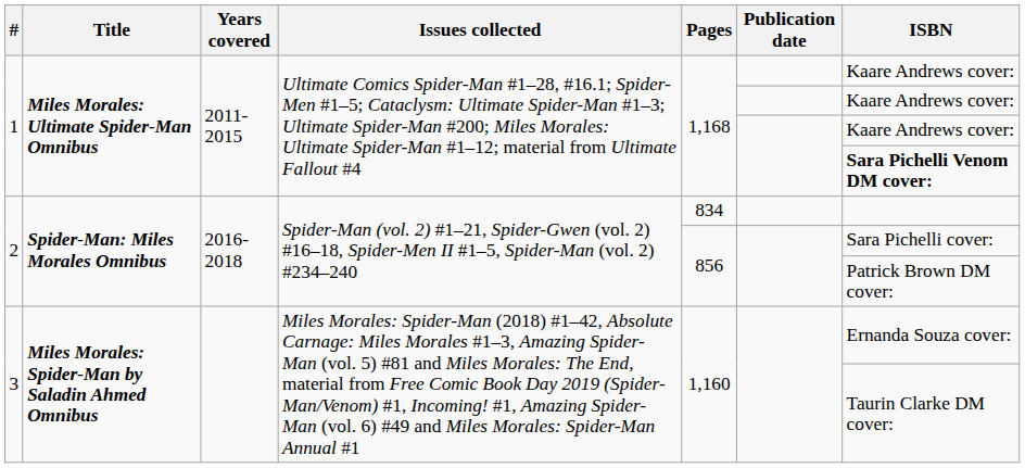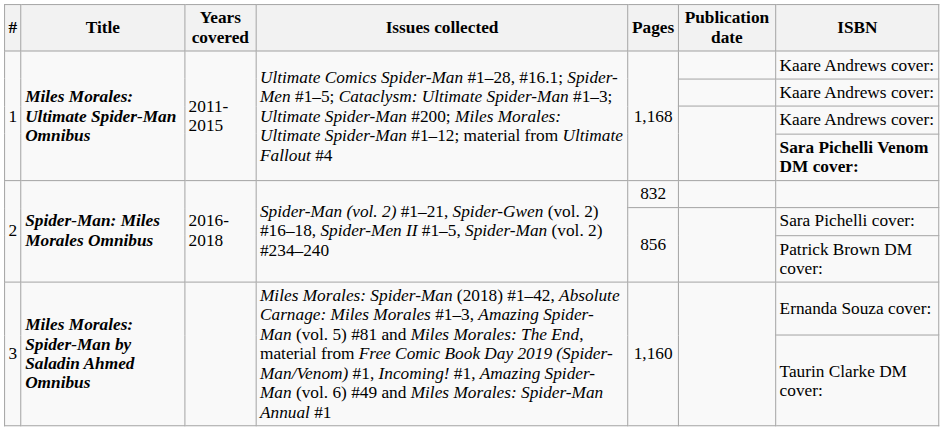 <table class="wikitable sortable" width=98%>
 <tr>
 <th style="width: 4px;">#</th>
 <th style="width: 9em;">Title</th>
 <th>Years covered</th>
 <th>Issues collected</th>
 <th>Pages</th>
 <th>Publication date</th>
 <th class="unsortable" style="width: 9em;">ISBN</th>
 </tr>
 <tr>
 <td rowspan=4>1</td>
 <td rowspan=4><strong><em>Miles Morales: Ultimate Spider-Man Omnibus</em></strong></td>
 <td rowspan=4>2011-2015</td>
 <td rowspan=4><em>Ultimate Comics Spider-Man</em> #1–28, #16.1; <em>Spider-Men</em> #1–5; <em>Cataclysm: Ultimate Spider-Man</em> #1–3; <em>Ultimate Spider-Man</em> #200; <em>Miles Morales: Ultimate Spider-Man</em> #1–12; material from <em>Ultimate Fallout</em> #4</td>
 <td rowspan=4 style="text-align: center;">1,168</td>
 <td></td>
 <td>Kaare Andrews cover: </td>
 </tr>
 <tr>
 <td></td>
 <td>Kaare Andrews cover: </td>
 </tr>
 <tr>
 <td rowspan=2></td>
 <td>Kaare Andrews cover: </td>
 </tr>
 <tr>
 <td><strong>Sara Pichelli Venom DM cover: </strong></td>
 </tr>
 <tr>
 <td rowspan=3>2</td>
 <td rowspan=3><strong><em>Spider-Man: Miles Morales Omnibus</em></strong></td>
 <td rowspan=3>2016-2018</td>
 <td rowspan=3><em>Spider-Man (vol. 2)</em> #1–21, <em>Spider-Gwen</em> (vol. 2) #16–18, <em>Spider-Men II</em> #1–5, <em>Spider-Man</em> (vol. 2) #234–240</td>
-<td style="text-align: center;">834</td>
+<td style="text-align: center;">832</td>
 <td></td>
 <td></td>
 </tr>
 <tr>
 <td rowspan=2 style="text-align: center;">856</td>
 <td rowspan=2></td>
 <td>Sara Pichelli cover: </td>
 </tr>
 <tr>
 <td>Patrick Brown DM cover: </td>
 </tr>
 <tr>
 <td rowspan=2>3</td>
 <td rowspan=2><strong><em>Miles Morales: Spider-Man by Saladin Ahmed Omnibus</em></strong></td>
 <td rowspan=2></td>
 <td rowspan=2><em>Miles Morales: Spider-Man</em> (2018) #1–42, <em>Absolute Carnage: Miles Morales</em> #1–3, <em>Amazing Spider-Man</em> (vol. 5) #81 and <em>Miles Morales: The End</em>, material from <em>Free Comic Book Day 2019 (Spider-Man/Venom)</em> #1, <em>Incoming!</em> #1, <em>Amazing Spider-Man</em> (vol. 6) #49 and <em>Miles Morales: Spider-Man Annual</em> #1</td>
 <td rowspan=2 style="text-align: center;">1,160</td>
 <td rowspan=2></td>
 <td>Ernanda Souza cover: </td>
 </tr>
 <tr>
 <td>Taurin Clarke DM cover: </td>
 </tr>
 </table>
